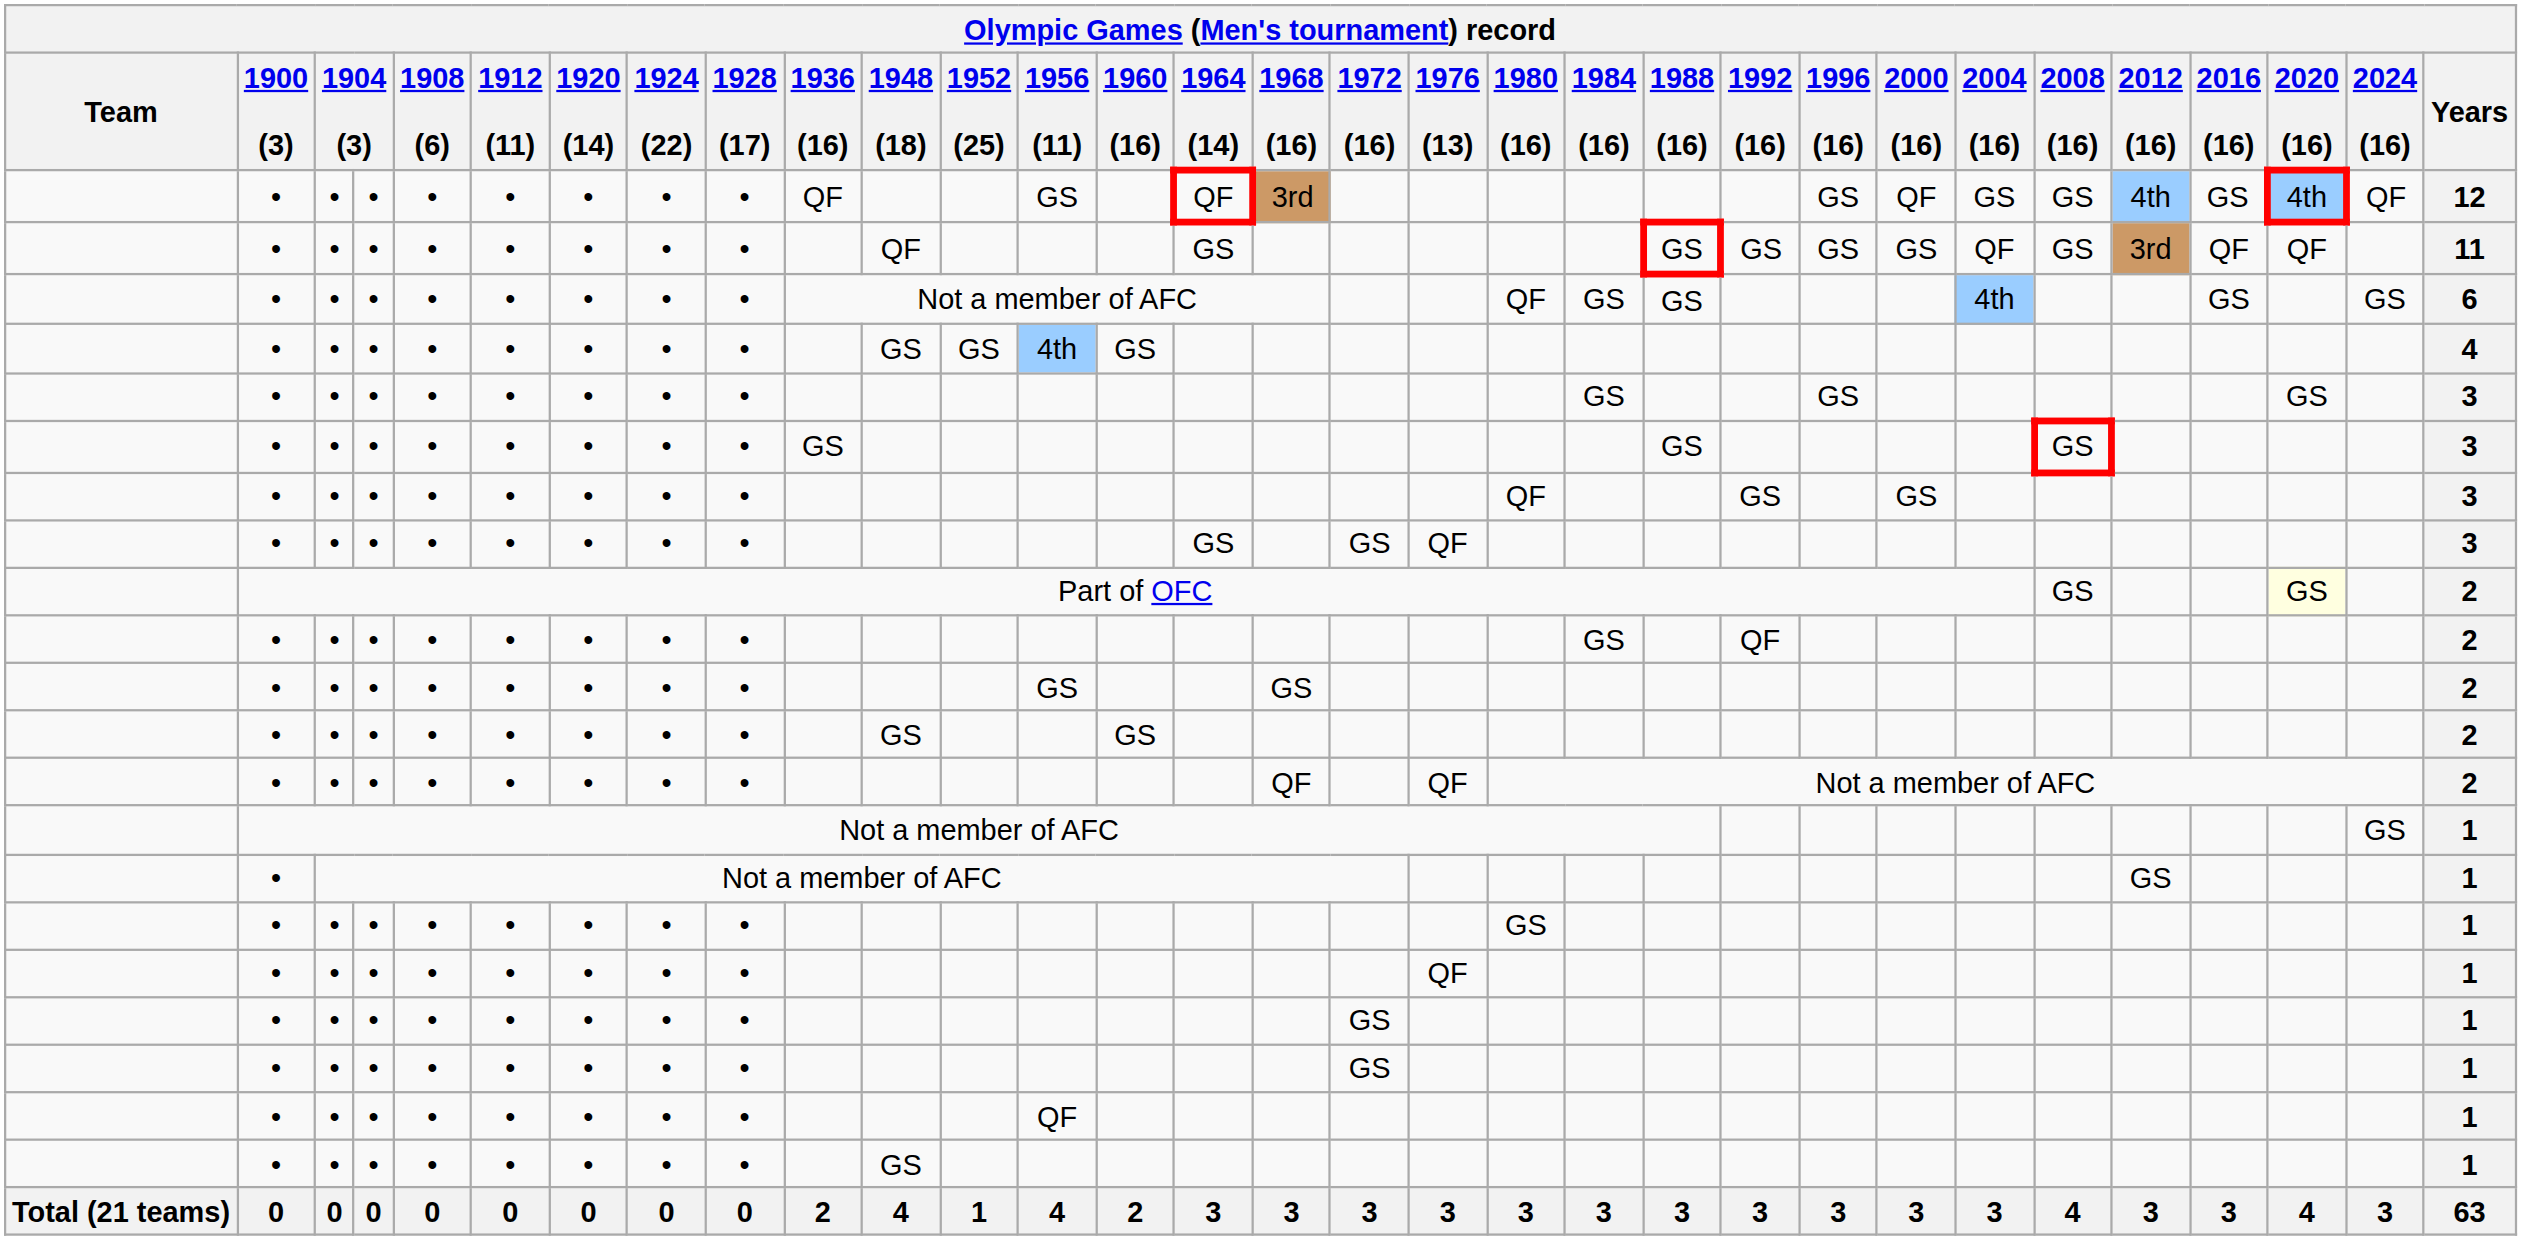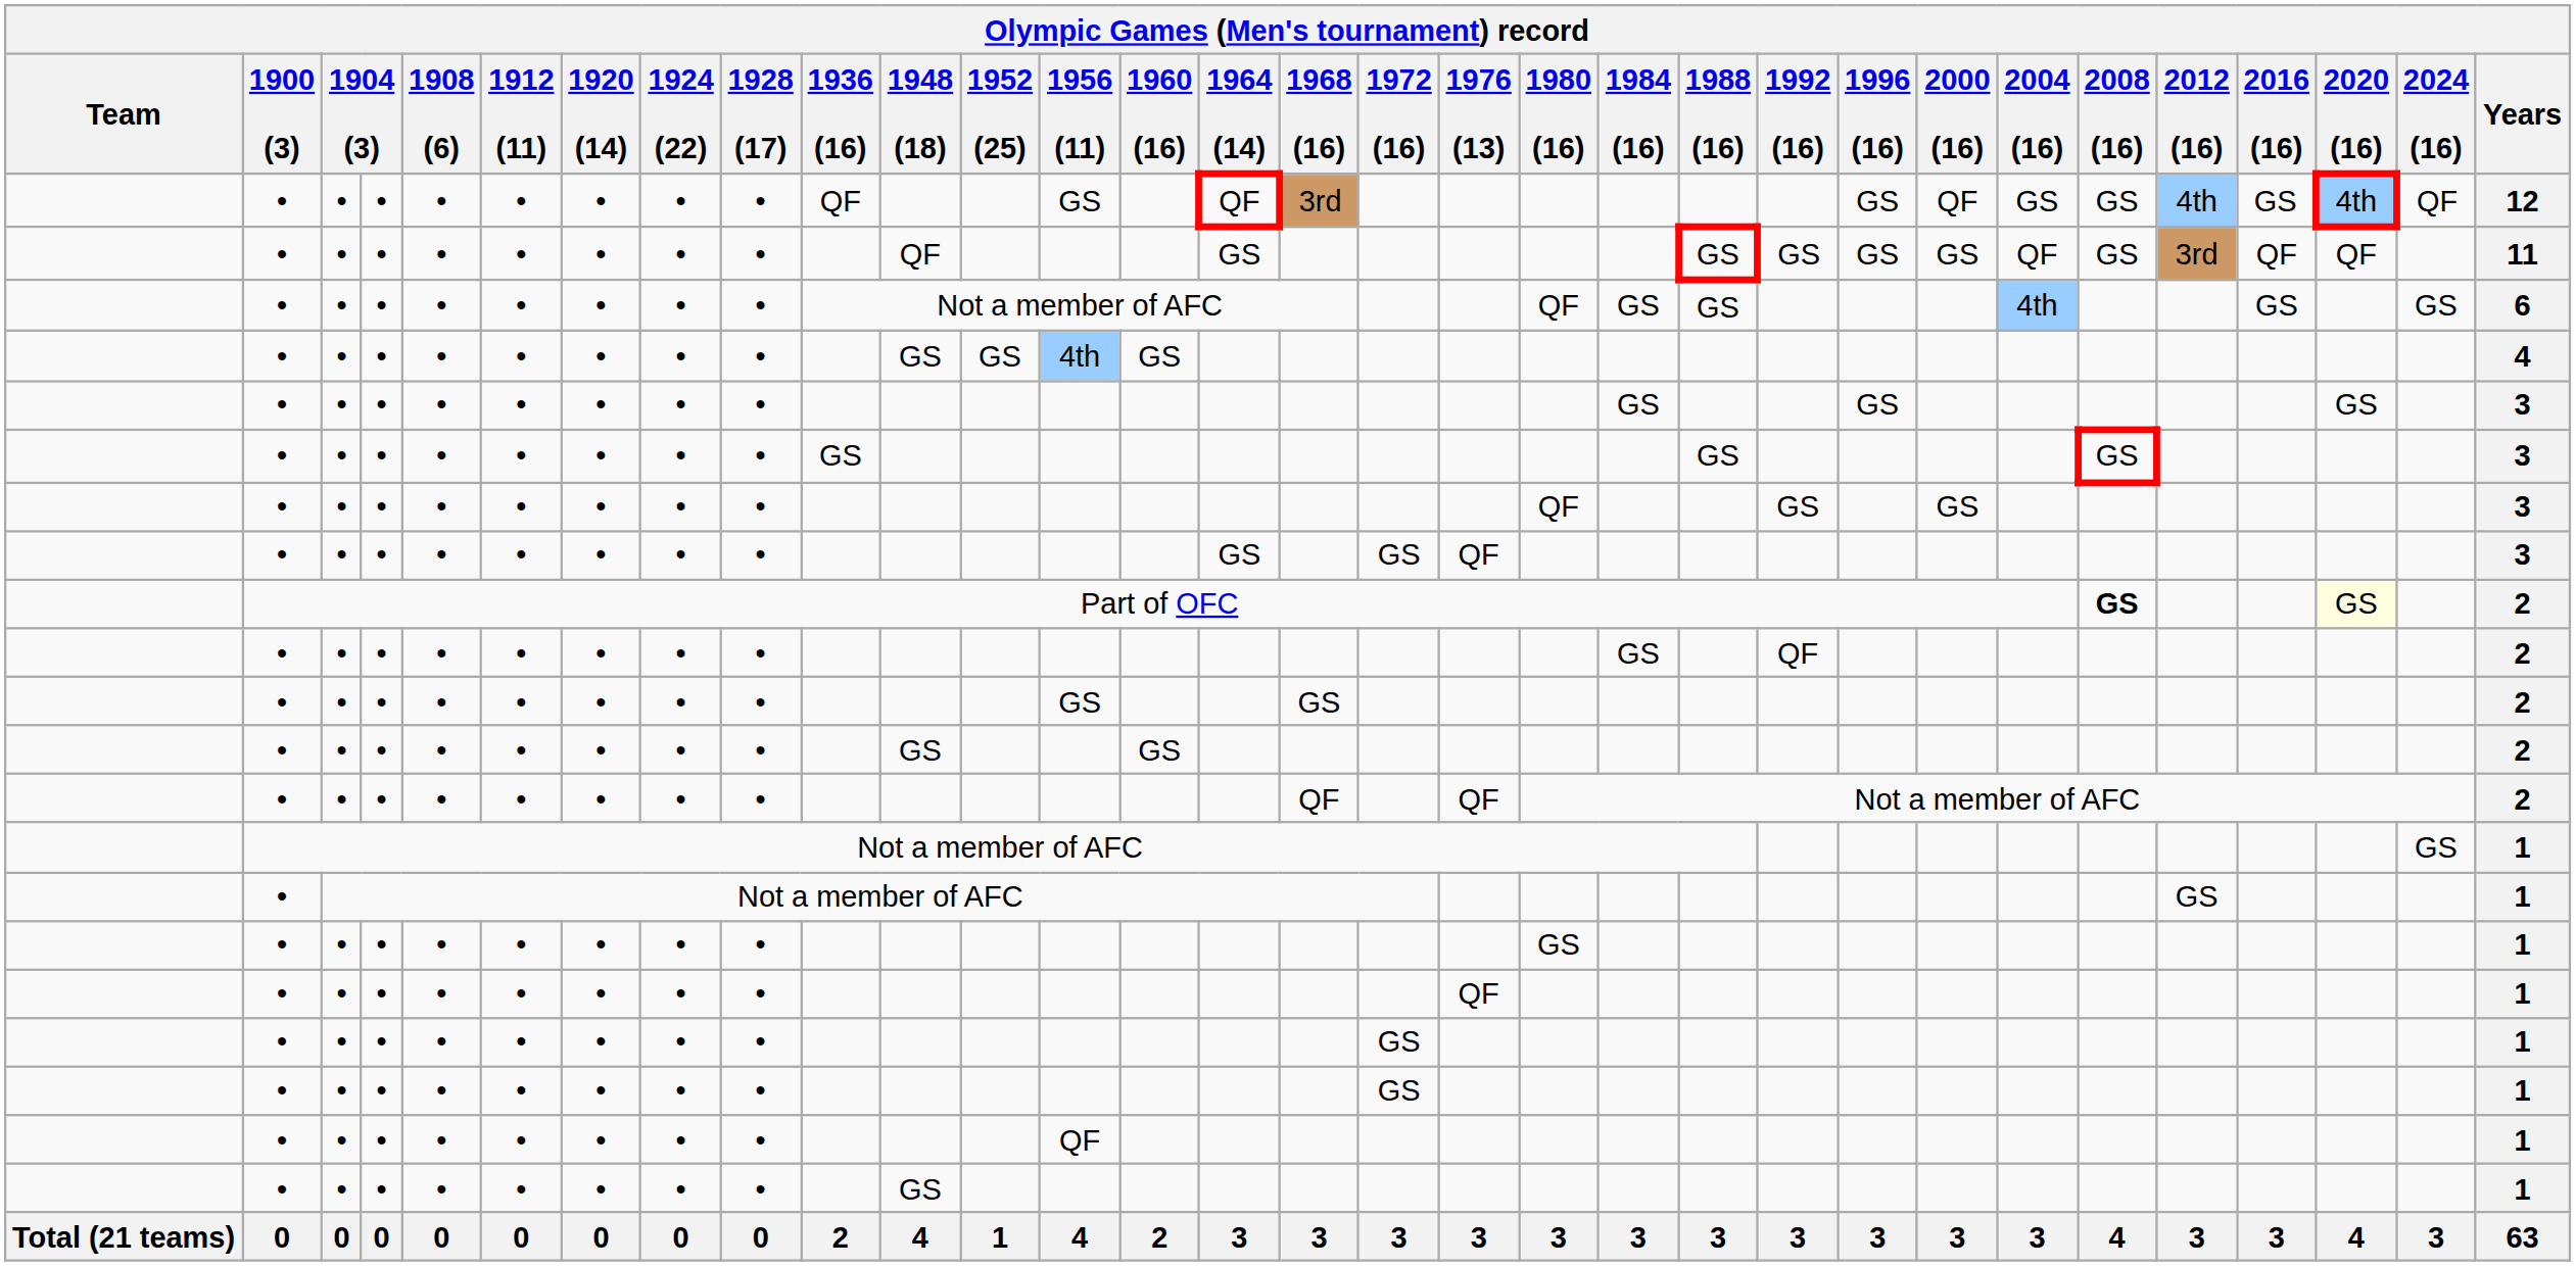 <table class="wikitable" style="text-align:center; font-size:80%;">
 <tr>
 <th colspan=31><a href='#'>Olympic Games</a> (<a href='#'>Men's tournament</a>) record</th>
 </tr>
 <tr>
 <th>Team</th>
 <th><a href='#'>1900</a><br><br>(3)</th>
 <th colspan="2"><a href='#'>1904</a><br><br>(3)</th>
 <th><a href='#'>1908</a><br><br>(6)</th>
 <th><a href='#'>1912</a><br><br>(11)</th>
 <th><a href='#'>1920</a><br><br>(14)</th>
 <th><a href='#'>1924</a><br><br>(22)</th>
 <th><a href='#'>1928</a><br><br>(17)</th>
 <th><a href='#'>1936</a><br><br>(16)</th>
 <th><a href='#'>1948</a><br><br>(18)</th>
 <th><a href='#'>1952</a><br><br>(25)</th>
 <th><a href='#'>1956</a><br><br>(11)</th>
 <th><a href='#'>1960</a><br><br>(16)</th>
 <th><a href='#'>1964</a><br><br>(14)</th>
 <th><a href='#'>1968</a><br><br>(16)</th>
 <th><a href='#'>1972</a><br><br>(16)</th>
 <th><a href='#'>1976</a><br><br>(13)</th>
 <th><a href='#'>1980</a><br><br>(16)</th>
 <th><a href='#'>1984</a><br><br>(16)</th>
 <th><a href='#'>1988</a><br><br>(16)</th>
 <th><a href='#'>1992</a><br><br>(16)</th>
 <th><a href='#'>1996</a><br><br>(16)</th>
 <th><a href='#'>2000</a><br><br>(16)</th>
 <th><a href='#'>2004</a><br><br>(16)</th>
 <th><a href='#'>2008</a><br><br>(16)</th>
 <th><a href='#'>2012</a><br><br>(16)</th>
 <th><a href='#'>2016</a><br><br>(16)</th>
 <th><a href='#'>2020</a><br><br>(16)</th>
 <th><a href='#'>2024</a><br><br>(16)</th>
 <th>Years</th>
 </tr>
 <tr>
 <td align=left></td>
 <td>•</td>
 <td>•</td>
 <td>•</td>
 <td>•</td>
 <td>•</td>
 <td>•</td>
 <td>•</td>
 <td>•</td>
 <td>QF</td>
 <td></td>
 <td></td>
 <td>GS</td>
 <td></td>
 <td style="border:3px solid red">QF</td>
 <td bgcolor=#cc9966>3rd</td>
 <td></td>
 <td></td>
 <td></td>
 <td></td>
 <td></td>
 <td></td>
 <td>GS</td>
 <td>QF</td>
 <td>GS</td>
 <td>GS</td>
 <td bgcolor=#9acdff>4th</td>
 <td>GS</td>
 <td style="border:3px solid red; background:#9acdff;">4th</td>
 <td>QF</td>
 <th>12</th>
 </tr>
 <tr>
 <td align=left></td>
 <td>•</td>
 <td>•</td>
 <td>•</td>
 <td>•</td>
 <td>•</td>
 <td>•</td>
 <td>•</td>
 <td>•</td>
 <td></td>
 <td>QF</td>
 <td></td>
 <td></td>
 <td></td>
 <td>GS</td>
 <td></td>
 <td></td>
 <td></td>
 <td></td>
 <td></td>
 <td style="border:3px solid red">GS</td>
 <td>GS</td>
 <td>GS</td>
 <td>GS</td>
 <td>QF</td>
 <td>GS</td>
 <td bgcolor=#cc9966>3rd</td>
 <td>QF</td>
 <td>QF</td>
 <td></td>
 <th>11</th>
 </tr>
 <tr>
 <td align=left></td>
 <td>•</td>
 <td>•</td>
 <td>•</td>
 <td>•</td>
 <td>•</td>
 <td>•</td>
 <td>•</td>
 <td>•</td>
 <td colspan=7>Not a member of AFC</td>
 <td></td>
 <td></td>
 <td>QF</td>
 <td>GS</td>
 <td>GS</td>
 <td></td>
 <td></td>
 <td></td>
 <td bgcolor=#9acdff>4th</td>
 <td></td>
 <td></td>
 <td>GS</td>
 <td></td>
 <td>GS</td>
 <th>6</th>
 </tr>
 <tr>
 <td align=left></td>
 <td>•</td>
 <td>•</td>
 <td>•</td>
 <td>•</td>
 <td>•</td>
 <td>•</td>
 <td>•</td>
 <td>•</td>
 <td></td>
 <td>GS</td>
 <td>GS</td>
 <td bgcolor=#9acdff>4th</td>
 <td>GS</td>
 <td></td>
 <td></td>
 <td></td>
 <td></td>
 <td></td>
 <td></td>
 <td></td>
 <td></td>
 <td></td>
 <td></td>
 <td></td>
 <td></td>
 <td></td>
 <td></td>
 <td></td>
 <td></td>
 <th>4</th>
 </tr>
 <tr>
 <td align=left></td>
 <td>•</td>
 <td>•</td>
 <td>•</td>
 <td>•</td>
 <td>•</td>
 <td>•</td>
 <td>•</td>
 <td>•</td>
 <td></td>
 <td></td>
 <td></td>
 <td></td>
 <td></td>
 <td></td>
 <td></td>
 <td></td>
 <td></td>
 <td></td>
 <td>GS</td>
 <td></td>
 <td></td>
 <td>GS</td>
 <td></td>
 <td></td>
 <td></td>
 <td></td>
 <td></td>
 <td>GS</td>
 <td></td>
 <th>3</th>
 </tr>
 <tr>
 <td align=left></td>
 <td>•</td>
 <td>•</td>
 <td>•</td>
 <td>•</td>
 <td>•</td>
 <td>•</td>
 <td>•</td>
 <td>•</td>
 <td>GS</td>
 <td></td>
 <td></td>
 <td></td>
 <td></td>
 <td></td>
 <td></td>
 <td></td>
 <td></td>
 <td></td>
 <td></td>
 <td>GS</td>
 <td></td>
 <td></td>
 <td></td>
 <td></td>
 <td style="border:3px solid red">GS</td>
 <td></td>
 <td></td>
 <td></td>
 <td></td>
 <th>3</th>
 </tr>
 <tr>
 <td align=left></td>
 <td>•</td>
 <td>•</td>
 <td>•</td>
 <td>•</td>
 <td>•</td>
 <td>•</td>
 <td>•</td>
 <td>•</td>
 <td></td>
 <td></td>
 <td></td>
 <td></td>
 <td></td>
 <td></td>
 <td></td>
 <td></td>
 <td></td>
 <td>QF</td>
 <td></td>
 <td></td>
 <td>GS</td>
 <td></td>
 <td>GS</td>
 <td></td>
 <td></td>
 <td></td>
 <td></td>
 <td></td>
 <td></td>
 <th>3</th>
 </tr>
 <tr>
 <td align=left></td>
 <td>•</td>
 <td>•</td>
 <td>•</td>
 <td>•</td>
 <td>•</td>
 <td>•</td>
 <td>•</td>
 <td>•</td>
 <td></td>
 <td></td>
 <td></td>
 <td></td>
 <td></td>
 <td>GS</td>
 <td></td>
 <td>GS</td>
 <td>QF</td>
 <td></td>
 <td></td>
 <td></td>
 <td></td>
 <td></td>
 <td></td>
 <td></td>
 <td></td>
 <td></td>
 <td></td>
 <td></td>
 <td></td>
 <th>3</th>
 </tr>
 <tr>
 <td align=left></td>
 <td colspan=24>Part of <a href='#'>OFC</a></td>
-<td>GS</td>
+<td><strong>GS</strong></td>
 <td></td>
 <td></td>
 <td style="background: lightyellow;">GS</td>
 <td></td>
 <th>2</th>
 </tr>
 <tr>
 <td align=left></td>
 <td>•</td>
 <td>•</td>
 <td>•</td>
 <td>•</td>
 <td>•</td>
 <td>•</td>
 <td>•</td>
 <td>•</td>
 <td></td>
 <td></td>
 <td></td>
 <td></td>
 <td></td>
 <td></td>
 <td></td>
 <td></td>
 <td></td>
 <td></td>
 <td>GS</td>
 <td></td>
 <td>QF</td>
 <td></td>
 <td></td>
 <td></td>
 <td></td>
 <td></td>
 <td></td>
 <td></td>
 <td></td>
 <th>2</th>
 </tr>
 <tr>
 <td align=left></td>
 <td>•</td>
 <td>•</td>
 <td>•</td>
 <td>•</td>
 <td>•</td>
 <td>•</td>
 <td>•</td>
 <td>•</td>
 <td></td>
 <td></td>
 <td></td>
 <td>GS</td>
 <td></td>
 <td></td>
 <td>GS</td>
 <td></td>
 <td></td>
 <td></td>
 <td></td>
 <td></td>
 <td></td>
 <td></td>
 <td></td>
 <td></td>
 <td></td>
 <td></td>
 <td></td>
 <td></td>
 <td></td>
 <th>2</th>
 </tr>
 <tr>
 <td align=left></td>
 <td>•</td>
 <td>•</td>
 <td>•</td>
 <td>•</td>
 <td>•</td>
 <td>•</td>
 <td>•</td>
 <td>•</td>
 <td></td>
 <td>GS</td>
 <td></td>
 <td></td>
 <td>GS</td>
 <td></td>
 <td></td>
 <td></td>
 <td></td>
 <td></td>
 <td></td>
 <td></td>
 <td></td>
 <td></td>
 <td></td>
 <td></td>
 <td></td>
 <td></td>
 <td></td>
 <td></td>
 <td></td>
 <th>2</th>
 </tr>
 <tr>
 <td align=left></td>
 <td>•</td>
 <td>•</td>
 <td>•</td>
 <td>•</td>
 <td>•</td>
 <td>•</td>
 <td>•</td>
 <td>•</td>
 <td></td>
 <td></td>
 <td></td>
 <td></td>
 <td></td>
 <td></td>
 <td>QF</td>
 <td></td>
 <td>QF</td>
 <td colspan=12>Not a member of AFC</td>
 <th>2</th>
 </tr>
 <tr>
 <td align=left></td>
 <td colspan=20>Not a member of AFC</td>
 <td></td>
 <td></td>
 <td></td>
 <td></td>
 <td></td>
 <td></td>
 <td></td>
 <td></td>
 <td>GS</td>
 <th>1</th>
 </tr>
 <tr>
 <td align=left></td>
 <td>•</td>
 <td colspan=15>Not a member of AFC</td>
 <td></td>
 <td></td>
 <td></td>
 <td></td>
 <td></td>
 <td></td>
 <td></td>
 <td></td>
 <td></td>
 <td>GS</td>
 <td></td>
 <td></td>
 <td></td>
 <th>1</th>
 </tr>
 <tr>
 <td align=left></td>
 <td>•</td>
 <td>•</td>
 <td>•</td>
 <td>•</td>
 <td>•</td>
 <td>•</td>
 <td>•</td>
 <td>•</td>
 <td></td>
 <td></td>
 <td></td>
 <td></td>
 <td></td>
 <td></td>
 <td></td>
 <td></td>
 <td></td>
 <td>GS</td>
 <td></td>
 <td></td>
 <td></td>
 <td></td>
 <td></td>
 <td></td>
 <td></td>
 <td></td>
 <td></td>
 <td></td>
 <td></td>
 <th>1</th>
 </tr>
 <tr>
 <td align=left></td>
 <td>•</td>
 <td>•</td>
 <td>•</td>
 <td>•</td>
 <td>•</td>
 <td>•</td>
 <td>•</td>
 <td>•</td>
 <td></td>
 <td></td>
 <td></td>
 <td></td>
 <td></td>
 <td></td>
 <td></td>
 <td></td>
 <td>QF</td>
 <td></td>
 <td></td>
 <td></td>
 <td></td>
 <td></td>
 <td></td>
 <td></td>
 <td></td>
 <td></td>
 <td></td>
 <td></td>
 <td></td>
 <th>1</th>
 </tr>
 <tr>
 <td align=left></td>
 <td>•</td>
 <td>•</td>
 <td>•</td>
 <td>•</td>
 <td>•</td>
 <td>•</td>
 <td>•</td>
 <td>•</td>
 <td></td>
 <td></td>
 <td></td>
 <td></td>
 <td></td>
 <td></td>
 <td></td>
 <td>GS</td>
 <td></td>
 <td></td>
 <td></td>
 <td></td>
 <td></td>
 <td></td>
 <td></td>
 <td></td>
 <td></td>
 <td></td>
 <td></td>
 <td></td>
 <td></td>
 <th>1</th>
 </tr>
 <tr>
 <td align=left></td>
 <td>•</td>
 <td>•</td>
 <td>•</td>
 <td>•</td>
 <td>•</td>
 <td>•</td>
 <td>•</td>
 <td>•</td>
 <td></td>
 <td></td>
 <td></td>
 <td></td>
 <td></td>
 <td></td>
 <td></td>
 <td>GS</td>
 <td></td>
 <td></td>
 <td></td>
 <td></td>
 <td></td>
 <td></td>
 <td></td>
 <td></td>
 <td></td>
 <td></td>
 <td></td>
 <td></td>
 <td></td>
 <th>1</th>
 </tr>
 <tr>
 <td align=left></td>
 <td>•</td>
 <td>•</td>
 <td>•</td>
 <td>•</td>
 <td>•</td>
 <td>•</td>
 <td>•</td>
 <td>•</td>
 <td></td>
 <td></td>
 <td></td>
 <td>QF</td>
 <td></td>
 <td></td>
 <td></td>
 <td></td>
 <td></td>
 <td></td>
 <td></td>
 <td></td>
 <td></td>
 <td></td>
 <td></td>
 <td></td>
 <td></td>
 <td></td>
 <td></td>
 <td></td>
 <td></td>
 <th>1</th>
 </tr>
 <tr>
 <td align=left></td>
 <td>•</td>
 <td>•</td>
 <td>•</td>
 <td>•</td>
 <td>•</td>
 <td>•</td>
 <td>•</td>
 <td>•</td>
 <td></td>
 <td>GS</td>
 <td></td>
 <td></td>
 <td></td>
 <td></td>
 <td></td>
 <td></td>
 <td></td>
 <td></td>
 <td></td>
 <td></td>
 <td></td>
 <td></td>
 <td></td>
 <td></td>
 <td></td>
 <td></td>
 <td></td>
 <td></td>
 <td></td>
 <th>1</th>
 </tr>
 <tr>
 <th align=left>Total (21 teams)</th>
 <th>0</th>
 <th>0</th>
 <th>0</th>
 <th>0</th>
 <th>0</th>
 <th>0</th>
 <th>0</th>
 <th>0</th>
 <th>2</th>
 <th>4</th>
 <th>1</th>
 <th>4</th>
 <th>2</th>
 <th>3</th>
 <th>3</th>
 <th>3</th>
 <th>3</th>
 <th>3</th>
 <th>3</th>
 <th>3</th>
 <th>3</th>
 <th>3</th>
 <th>3</th>
 <th>3</th>
 <th>4</th>
 <th>3</th>
 <th>3</th>
 <th>4</th>
 <th>3</th>
 <th>63</th>
 </tr>
 </table>
